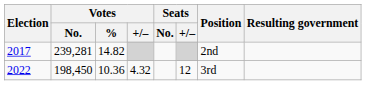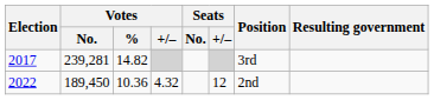 <table class="wikitable">
 <tr>
 <th rowspan="2" style="background-color:">Election</th>
 <th colspan="3" style="background-color:">Votes</th>
 <th colspan="2" style="background-color:">Seats</th>
 <th rowspan="2" style="background-color:">Position</th>
 <th rowspan="2" style="background-color:">Resulting government</th>
 </tr>
 <tr>
 <th style="background-color:">No.</th>
 <th style="background-color:">%</th>
 <th style="background-color:">+/–</th>
 <th style="background-color:">No.</th>
 <th style="background-color:">+/–</th>
 </tr>
 <tr>
 <td><a href='#'>2017</a></td>
 <td>239,281</td>
 <td>14.82</td>
 <td bgcolor="lightgray"></td>
 <td></td>
 <td bgcolor="lightgray"></td>
-<td>2nd</td>
+<td> 3rd</td>
 <td></td>
 </tr>
 <tr>
 <td><a href='#'>2022</a></td>
-<td>198,450</td>
+<td>189,450</td>
 <td>10.36</td>
 <td> 4.32</td>
 <td></td>
 <td> 12</td>
-<td> 3rd</td>
+<td>2nd</td>
 <td></td>
 </tr>
 </table>
